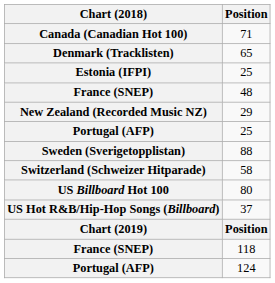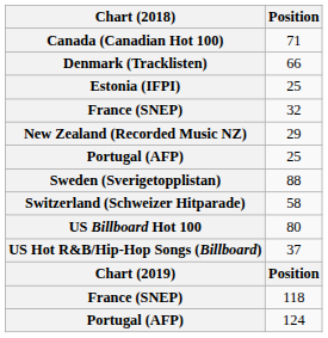 <table class="wikitable sortable plainrowheaders" style="text-align:center">
 <tr>
 <th scope="col">Chart (2018)</th>
 <th scope="col">Position</th>
 </tr>
 <tr>
 <th scope="row">Canada (Canadian Hot 100)</th>
 <td>71</td>
 </tr>
 <tr>
 <th scope="row">Denmark (Tracklisten)</th>
-<td>65</td>
+<td>66</td>
 </tr>
 <tr>
 <th scope="row">Estonia (IFPI)</th>
 <td>25</td>
 </tr>
 <tr>
 <th scope="row">France (SNEP)</th>
-<td>48</td>
+<td>32</td>
 </tr>
 <tr>
 <th scope="row">New Zealand (Recorded Music NZ)</th>
 <td>29</td>
 </tr>
 <tr>
 <th scope="row">Portugal (AFP)</th>
 <td>25</td>
 </tr>
 <tr>
 <th scope="row">Sweden (Sverigetopplistan)</th>
 <td>88</td>
 </tr>
 <tr>
 <th scope="row">Switzerland (Schweizer Hitparade)</th>
 <td>58</td>
 </tr>
 <tr>
 <th scope="row">US <em>Billboard</em> Hot 100</th>
 <td>80</td>
 </tr>
 <tr>
 <th scope="row">US Hot R&B/Hip-Hop Songs (<em>Billboard</em>)</th>
 <td>37</td>
 </tr>
 <tr>
 <th scope="col">Chart (2019)</th>
 <th scope="col">Position</th>
 </tr>
 <tr>
 <th scope="row">France (SNEP)</th>
 <td>118</td>
 </tr>
 <tr>
 <th scope="row">Portugal (AFP)</th>
 <td>124</td>
 </tr>
 </table>
